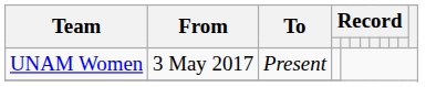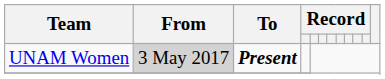 <table class="wikitable" style="text-align: center">
 <tr>
 <th rowspan="2">Team</th>
 <th rowspan="2">From</th>
 <th rowspan="2">To</th>
 <th colspan="8">Record</th>
 <th rowspan=2></th>
 </tr>
 <tr>
 <th></th>
 <th></th>
 <th></th>
 <th></th>
 <th></th>
 <th></th>
 <th></th>
 <th></th>
 </tr>
 <tr>
 <td align=left><a href='#'>UNAM Women</a></td>
-<td align=left>3 May 2017</td>
-<td align=left><em>Present</em><br></td>
+<td align=left style="background: lightgrey;">3 May 2017</td>
+<td align=left><strong><em>Present</em><br></strong></td>
 <td></td>
 </tr>
 <tr>
 </tr>
 </table>
